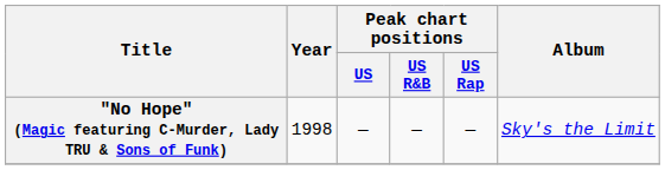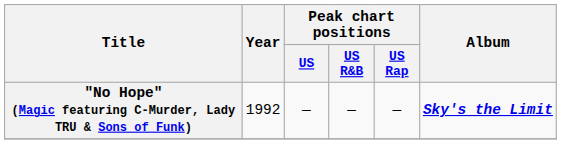 <table class="wikitable plainrowheaders" style="text-align:center;">
 <tr>
 <th scope="col" rowspan="2" style="width:16em;">Title</th>
 <th scope="col" rowspan="2">Year</th>
 <th scope="col" colspan="3">Peak chart positions</th>
 <th scope="col" rowspan="2">Album</th>
 </tr>
 <tr>
 <th style="width:3em; font-size:90%"><a href='#'>US</a></th>
 <th style="width:3em; font-size:90%"><a href='#'>US<br>R&B</a></th>
 <th style="width:3em; font-size:90%"><a href='#'>US<br>Rap</a></th>
 </tr>
 <tr>
 <th scope="row">"No Hope"<br><small>(<a href='#'>Magic</a> featuring C-Murder, Lady TRU & <a href='#'>Sons of Funk</a>)</small></th>
-<td>1998</td>
+<td>1992</td>
 <td>—</td>
 <td>—</td>
 <td>—</td>
-<td><em><a href='#'>Sky's the Limit</a></em></td>
+<td><strong><em><a href='#'>Sky's the Limit</a></em></strong></td>
 </tr>
 <tr>
 </tr>
 </table>
